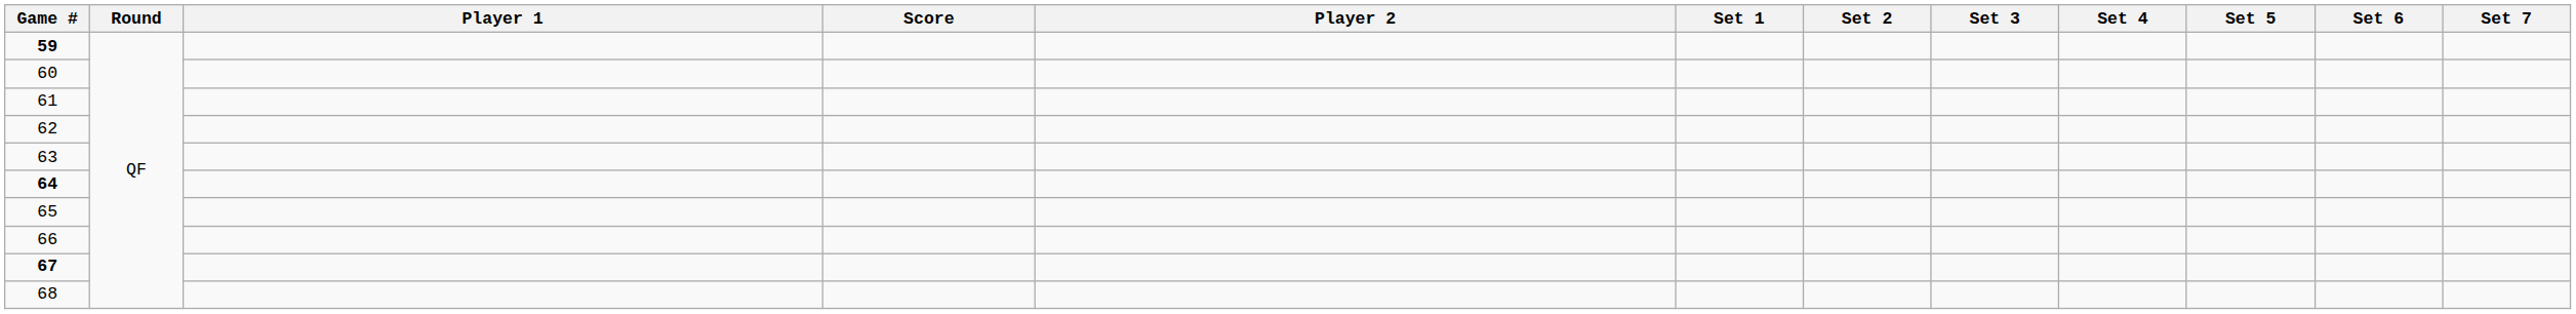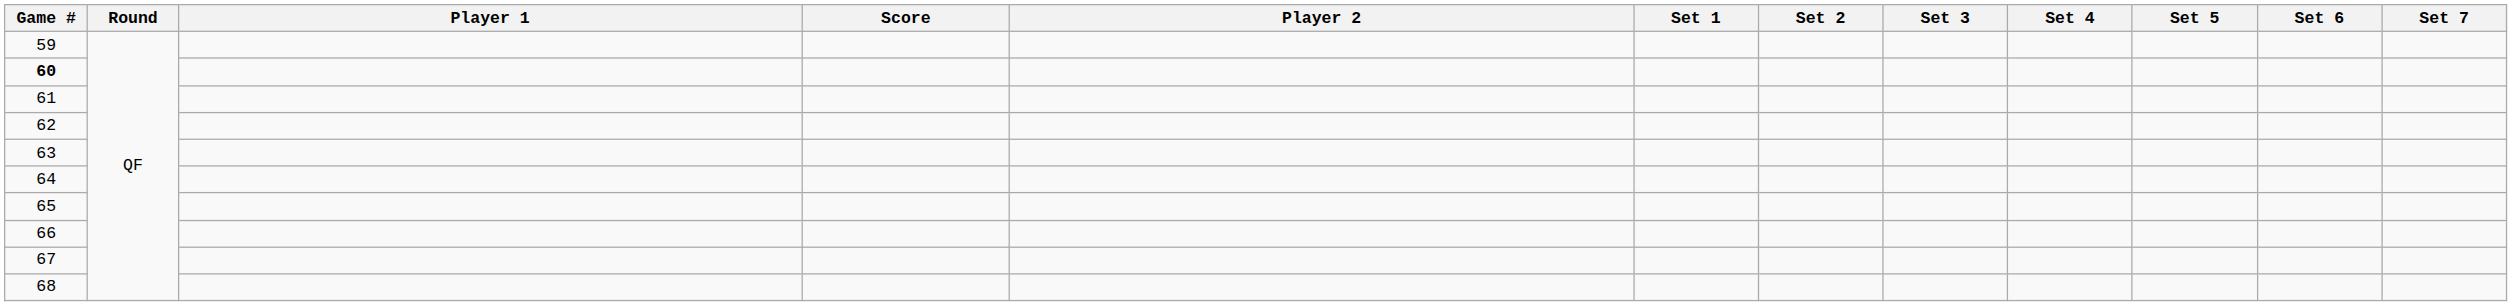 <table class="wikitable">
 <tr>
 <th width="2%">Game #</th>
 <th width="2%">Round</th>
 <th width="15%">Player 1</th>
 <th width="5%">Score</th>
 <th width="15%">Player 2</th>
 <th width="3%">Set 1</th>
 <th width="3%">Set 2</th>
 <th width="3%">Set 3</th>
 <th width="3%">Set 4</th>
 <th width="3%">Set 5</th>
 <th width="3%">Set 6</th>
 <th width="3%">Set 7</th>
 </tr>
 <tr style=text-align:center;>
-<td><strong>59</strong></td>
+<td>59</td>
 <td rowspan=10>QF</td>
 <td></td>
 <td></td>
 <td></td>
 <td></td>
 <td></td>
 <td></td>
 <td></td>
 <td></td>
 <td></td>
 <td></td>
 </tr>
 <tr style=text-align:center;>
-<td>60</td>
+<td><strong>60</strong></td>
 <td></td>
 <td></td>
 <td></td>
 <td></td>
 <td></td>
 <td></td>
 <td></td>
 <td></td>
 <td></td>
 <td></td>
 </tr>
 <tr style=text-align:center;>
 <td>61</td>
 <td></td>
 <td></td>
 <td></td>
 <td></td>
 <td></td>
 <td></td>
 <td></td>
 <td></td>
 <td></td>
 <td></td>
 </tr>
 <tr style=text-align:center;>
 <td>62</td>
 <td></td>
 <td></td>
 <td></td>
 <td></td>
 <td></td>
 <td></td>
 <td></td>
 <td></td>
 <td></td>
 <td></td>
 </tr>
 <tr style=text-align:center;>
 <td>63</td>
 <td></td>
 <td></td>
 <td></td>
 <td></td>
 <td></td>
 <td></td>
 <td></td>
 <td></td>
 <td></td>
 <td></td>
 </tr>
 <tr style=text-align:center;>
-<td><strong>64</strong></td>
+<td>64</td>
 <td></td>
 <td></td>
 <td></td>
 <td></td>
 <td></td>
 <td></td>
 <td></td>
 <td></td>
 <td></td>
 <td></td>
 </tr>
 <tr style=text-align:center;>
 <td>65</td>
 <td></td>
 <td></td>
 <td></td>
 <td></td>
 <td></td>
 <td></td>
 <td></td>
 <td></td>
 <td></td>
 <td></td>
 </tr>
 <tr style=text-align:center;>
 <td>66</td>
 <td></td>
 <td></td>
 <td></td>
 <td></td>
 <td></td>
 <td></td>
 <td></td>
 <td></td>
 <td></td>
 <td></td>
 </tr>
 <tr style=text-align:center;>
-<td><strong>67</strong></td>
+<td>67</td>
 <td></td>
 <td></td>
 <td></td>
 <td></td>
 <td></td>
 <td></td>
 <td></td>
 <td></td>
 <td></td>
 <td></td>
 </tr>
 <tr style=text-align:center;>
 <td>68</td>
 <td></td>
 <td></td>
 <td></td>
 <td></td>
 <td></td>
 <td></td>
 <td></td>
 <td></td>
 <td></td>
 <td></td>
 </tr>
 </table>
